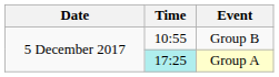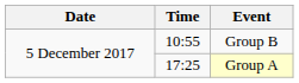 <table class = "wikitable" style="text-align:center;">
 <tr>
 <th width=150>Date</th>
 <th width=50>Time</th>
 <th width=80>Event</th>
 </tr>
 <tr>
 <td rowspan=2>5 December 2017</td>
 <td>10:55</td>
 <td>Group B</td>
 </tr>
 <tr>
-<td style="background: paleturquoise;">17:25</td>
+<td>17:25</td>
 <td bgcolor=ffffcc>Group A</td>
 </tr>
 </table>
